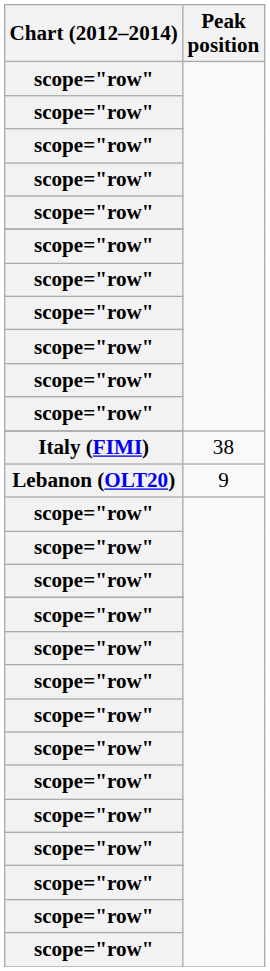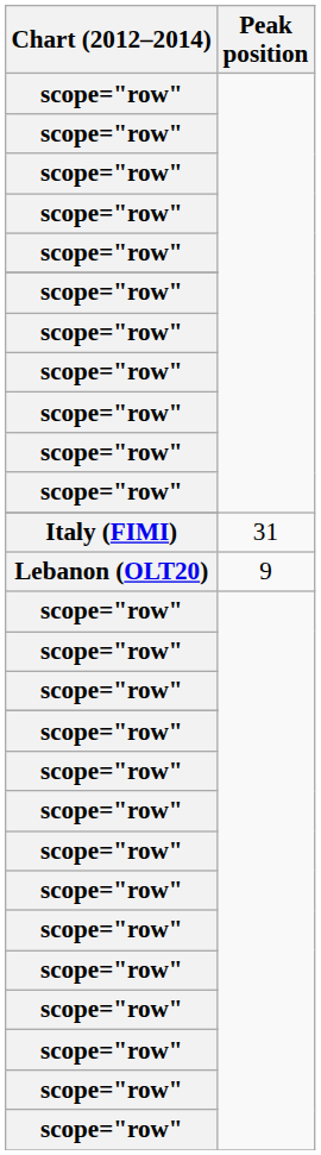 <table class="wikitable sortable plainrowheaders" style="text-align:center">
 <tr>
 <th scope="col">Chart (2012–2014)</th>
 <th scope="col">Peak<br>position</th>
 </tr>
 <tr>
 <th>scope="row"</th>
 </tr>
 <tr>
 <th>scope="row"</th>
 </tr>
 <tr>
 <th>scope="row"</th>
 </tr>
 <tr>
 <th>scope="row"</th>
 </tr>
 <tr>
 <th>scope="row"</th>
 </tr>
 <tr>
 </tr>
 <tr>
 </tr>
 <tr>
 <th>scope="row"</th>
 </tr>
 <tr>
 <th>scope="row"</th>
 </tr>
 <tr>
 <th>scope="row"</th>
 </tr>
 <tr>
 <th>scope="row"</th>
 </tr>
 <tr>
 <th>scope="row"</th>
 </tr>
 <tr>
 <th>scope="row"</th>
 </tr>
 <tr>
 </tr>
 <tr>
 <th scope="row">Italy (<a href='#'>FIMI</a>)</th>
-<td>38</td>
+<td>31</td>
 </tr>
 <tr>
 <th scope="row">Lebanon (<a href='#'>OLT20</a>)</th>
 <td>9</td>
 </tr>
 <tr>
 <th>scope="row"</th>
 </tr>
 <tr>
 <th>scope="row"</th>
 </tr>
 <tr>
 <th>scope="row"</th>
 </tr>
 <tr>
 </tr>
 <tr>
 <th>scope="row"</th>
 </tr>
 <tr>
 <th>scope="row"</th>
 </tr>
 <tr>
 <th>scope="row"</th>
 </tr>
 <tr>
 <th>scope="row"</th>
 </tr>
 <tr>
 <th>scope="row"</th>
 </tr>
 <tr>
 <th>scope="row"</th>
 </tr>
 <tr>
 <th>scope="row"</th>
 </tr>
 <tr>
 <th>scope="row"</th>
 </tr>
 <tr>
 <th>scope="row"</th>
 </tr>
 <tr>
 <th>scope="row"</th>
 </tr>
 <tr>
 <th>scope="row"</th>
 </tr>
 </table>
